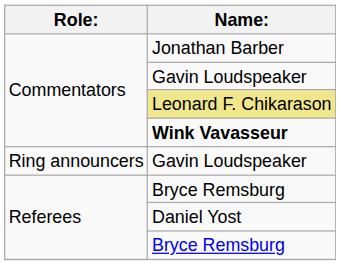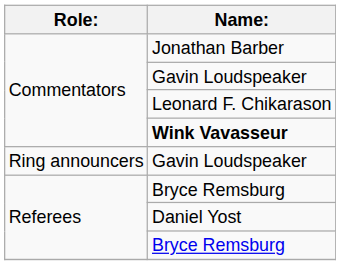 <table class=wikitable style="font-size:90%; margin: 0.5em 0 0.5em 1em; float: right; clear: right;">
 <tr>
 <th>Role:</th>
 <th>Name:</th>
 </tr>
 <tr>
 <td rowspan=4>Commentators</td>
 <td>Jonathan Barber</td>
 </tr>
 <tr>
 <td>Gavin Loudspeaker</td>
 </tr>
 <tr>
-<td style="background: khaki;">Leonard F. Chikarason</td>
+<td>Leonard F. Chikarason</td>
 </tr>
 <tr>
 <td><strong>Wink Vavasseur</strong></td>
 </tr>
 <tr>
 <td rowspan=1>Ring announcers</td>
 <td>Gavin Loudspeaker</td>
 </tr>
 <tr>
 <td rowspan=3>Referees</td>
 <td>Bryce Remsburg</td>
 </tr>
 <tr>
 <td>Daniel Yost</td>
 </tr>
 <tr>
 <td><a href='#'>Bryce Remsburg</a></td>
 </tr>
 <tr>
 </tr>
 </table>
